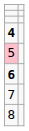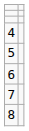 <table class="wikitable">
 <tr>
 <td></td>
 <td></td>
 </tr>
 <tr>
 <td></td>
 <td></td>
 </tr>
 <tr>
 <td></td>
 <td></td>
 </tr>
 <tr>
-<td><strong>4</strong></td>
+<td>4</td>
 <td></td>
 </tr>
 <tr>
-<td style="background: pink;">5</td>
+<td>5</td>
 <td></td>
 </tr>
 <tr>
-<td><strong>6</strong></td>
+<td>6</td>
 <td></td>
 </tr>
 <tr>
 <td>7</td>
 <td></td>
 </tr>
 <tr>
 <td>8</td>
 <td></td>
 </tr>
 </table>
